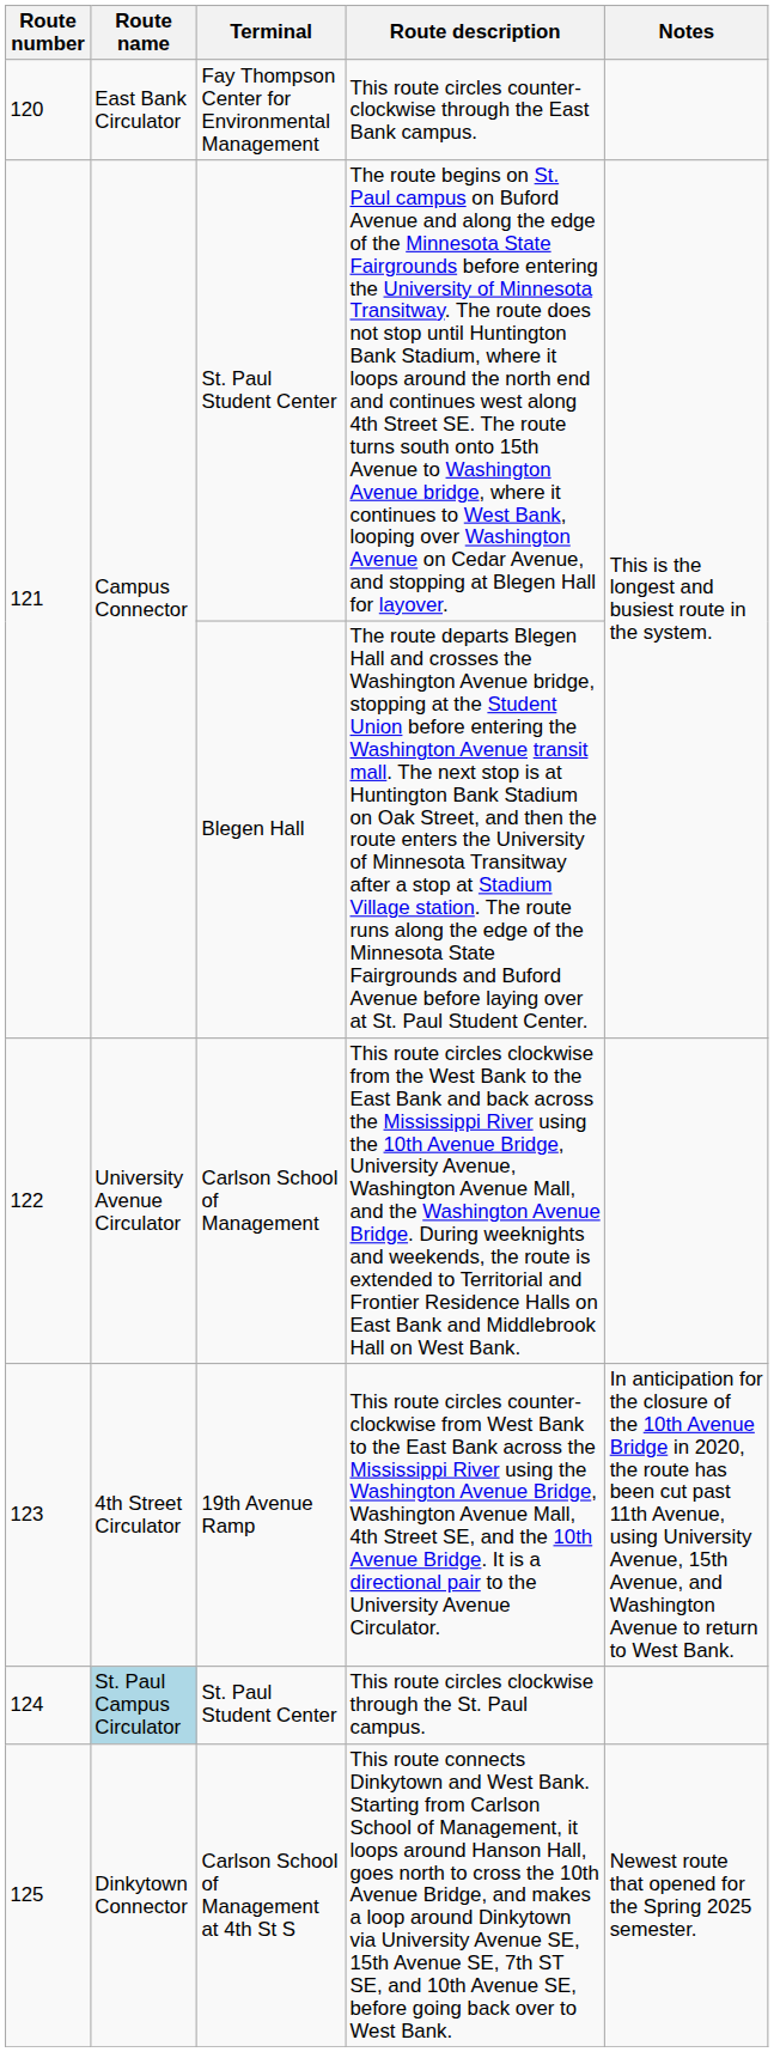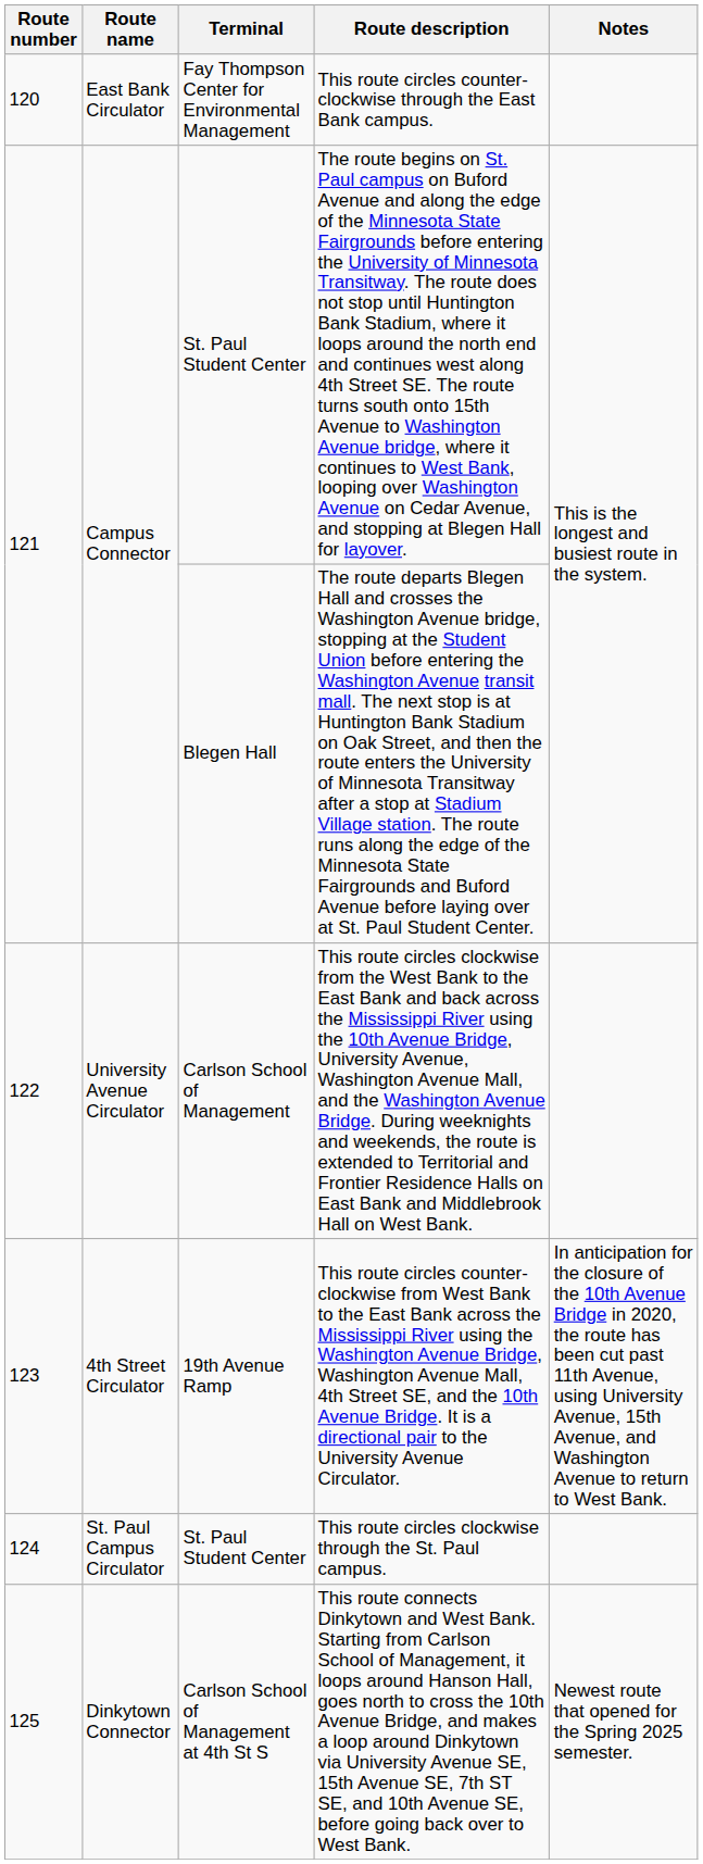 <table class=wikitable>
 <tr>
 <th>Route number</th>
 <th>Route name</th>
 <th>Terminal</th>
 <th>Route description</th>
 <th>Notes</th>
 </tr>
 <tr>
 <td>120</td>
 <td>East Bank Circulator</td>
 <td>Fay Thompson Center for Environmental Management</td>
 <td>This route circles counter-clockwise through the East Bank campus.</td>
 <td></td>
 </tr>
 <tr>
 <td rowspan="2">121</td>
 <td rowspan="2">Campus Connector</td>
 <td>St. Paul Student Center</td>
 <td>The route begins on <a href='#'>St. Paul campus</a> on Buford Avenue and along the edge of the <a href='#'>Minnesota State Fairgrounds</a> before entering the <a href='#'>University of Minnesota Transitway</a>. The route does not stop until Huntington Bank Stadium, where it loops around the north end and continues west along 4th Street SE. The route turns south onto 15th Avenue to <a href='#'>Washington Avenue bridge</a>, where it continues to <a href='#'>West Bank</a>, looping over <a href='#'>Washington Avenue</a> on Cedar Avenue, and stopping at Blegen Hall for <a href='#'>layover</a>.</td>
 <td rowspan="2">This is the longest and busiest route in the system.</td>
 </tr>
 <tr>
 <td>Blegen Hall</td>
 <td>The route departs Blegen Hall and crosses the Washington Avenue bridge, stopping at the <a href='#'>Student Union</a> before entering the <a href='#'>Washington Avenue</a> <a href='#'>transit mall</a>. The next stop is at Huntington Bank Stadium on Oak Street, and then the route enters the University of Minnesota Transitway after a stop at <a href='#'>Stadium Village station</a>. The route runs along the edge of the Minnesota State Fairgrounds and Buford Avenue before laying over at St. Paul Student Center.</td>
 </tr>
 <tr>
 <td>122</td>
 <td>University Avenue Circulator</td>
 <td>Carlson School of Management</td>
 <td>This route circles clockwise from the West Bank to the East Bank and back across the <a href='#'>Mississippi River</a> using the <a href='#'>10th Avenue Bridge</a>, University Avenue, Washington Avenue Mall, and the <a href='#'>Washington Avenue Bridge</a>. During weeknights and weekends, the route is extended to Territorial and Frontier Residence Halls on East Bank and Middlebrook Hall on West Bank.</td>
 <td></td>
 </tr>
 <tr>
 <td>123</td>
 <td>4th Street Circulator</td>
 <td>19th Avenue Ramp</td>
 <td>This route circles counter-clockwise from West Bank to the East Bank across the <a href='#'>Mississippi River</a> using the <a href='#'>Washington Avenue Bridge</a>, Washington Avenue Mall, 4th Street SE, and the <a href='#'>10th Avenue Bridge</a>. It is a <a href='#'>directional pair</a> to the University Avenue Circulator.</td>
 <td>In anticipation for the closure of the <a href='#'>10th Avenue Bridge</a> in 2020, the route has been cut past 11th Avenue, using University Avenue, 15th Avenue, and Washington Avenue to return to West Bank.</td>
 </tr>
 <tr>
 <td>124</td>
-<td style="background: lightblue;">St. Paul Campus Circulator</td>
+<td>St. Paul Campus Circulator</td>
 <td>St. Paul Student Center</td>
 <td>This route circles clockwise through the St. Paul campus.</td>
 <td></td>
 </tr>
 <tr>
 <td>125</td>
 <td>Dinkytown Connector</td>
 <td>Carlson School of Management at 4th St S</td>
 <td>This route connects Dinkytown and West Bank. Starting from Carlson School of Management, it loops around Hanson Hall, goes north to cross the 10th Avenue Bridge, and makes a loop around Dinkytown via University Avenue SE, 15th Avenue SE, 7th ST SE, and 10th Avenue SE, before going back over to West Bank.</td>
 <td>Newest route that opened for the Spring 2025 semester.</td>
 </tr>
 </table>
